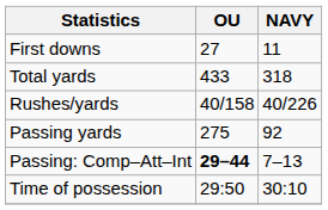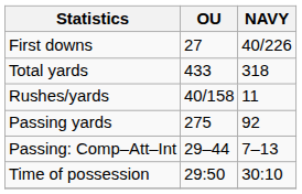 <table class="wikitable" style="float: left;">
 <tr>
 <th>Statistics</th>
 <th>OU</th>
 <th>NAVY</th>
 </tr>
 <tr>
 <td>First downs</td>
 <td>27</td>
-<td>11</td>
+<td>40/226</td>
 </tr>
 <tr>
 <td>Total yards</td>
 <td>433</td>
 <td>318</td>
 </tr>
 <tr>
 <td>Rushes/yards</td>
 <td>40/158</td>
-<td>40/226</td>
+<td>11</td>
 </tr>
 <tr>
 <td>Passing yards</td>
 <td>275</td>
 <td>92</td>
 </tr>
 <tr>
 <td>Passing: Comp–Att–Int</td>
-<td><strong>29–44</strong></td>
+<td>29–44</td>
 <td>7–13</td>
 </tr>
 <tr>
 <td>Time of possession</td>
 <td>29:50</td>
 <td>30:10</td>
 </tr>
 <tr>
 </tr>
 </table>
